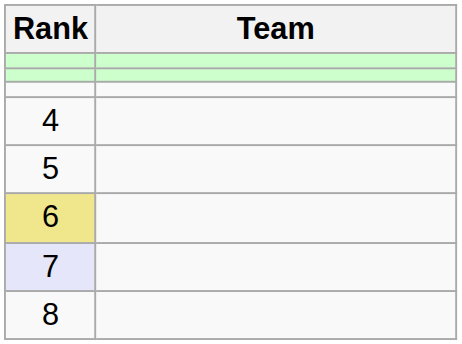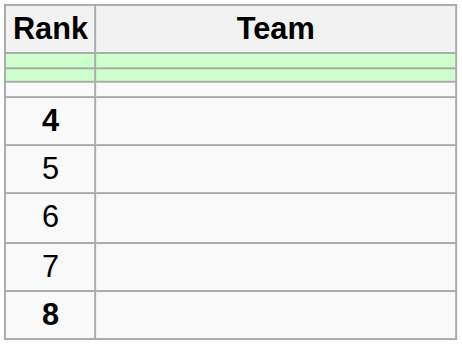 <table class="wikitable" style="text-align: center;">
 <tr>
 <th width=40>Rank</th>
 <th width=180>Team</th>
 </tr>
 <tr bgcolor=#ccffcc>
 <td></td>
 <td style="text-align:left;"></td>
 </tr>
 <tr bgcolor=#ccffcc>
 <td></td>
 <td style="text-align:left;"></td>
 </tr>
 <tr align=center>
 <td></td>
 <td style="text-align:left;"></td>
 </tr>
 <tr align=center>
-<td>4</td>
+<td><strong>4</strong></td>
 <td style="text-align:left;"></td>
 </tr>
 <tr align=center>
 <td>5</td>
 <td style="text-align:left;"></td>
 </tr>
 <tr align=center>
-<td style="background: khaki;">6</td>
+<td>6</td>
 <td style="text-align:left;"></td>
 </tr>
 <tr align=center>
-<td style="background: lavender;">7</td>
+<td>7</td>
 <td style="text-align:left;"></td>
 </tr>
 <tr align=center>
-<td>8</td>
+<td><strong>8</strong></td>
 <td style="text-align:left;"></td>
 </tr>
 </table>
